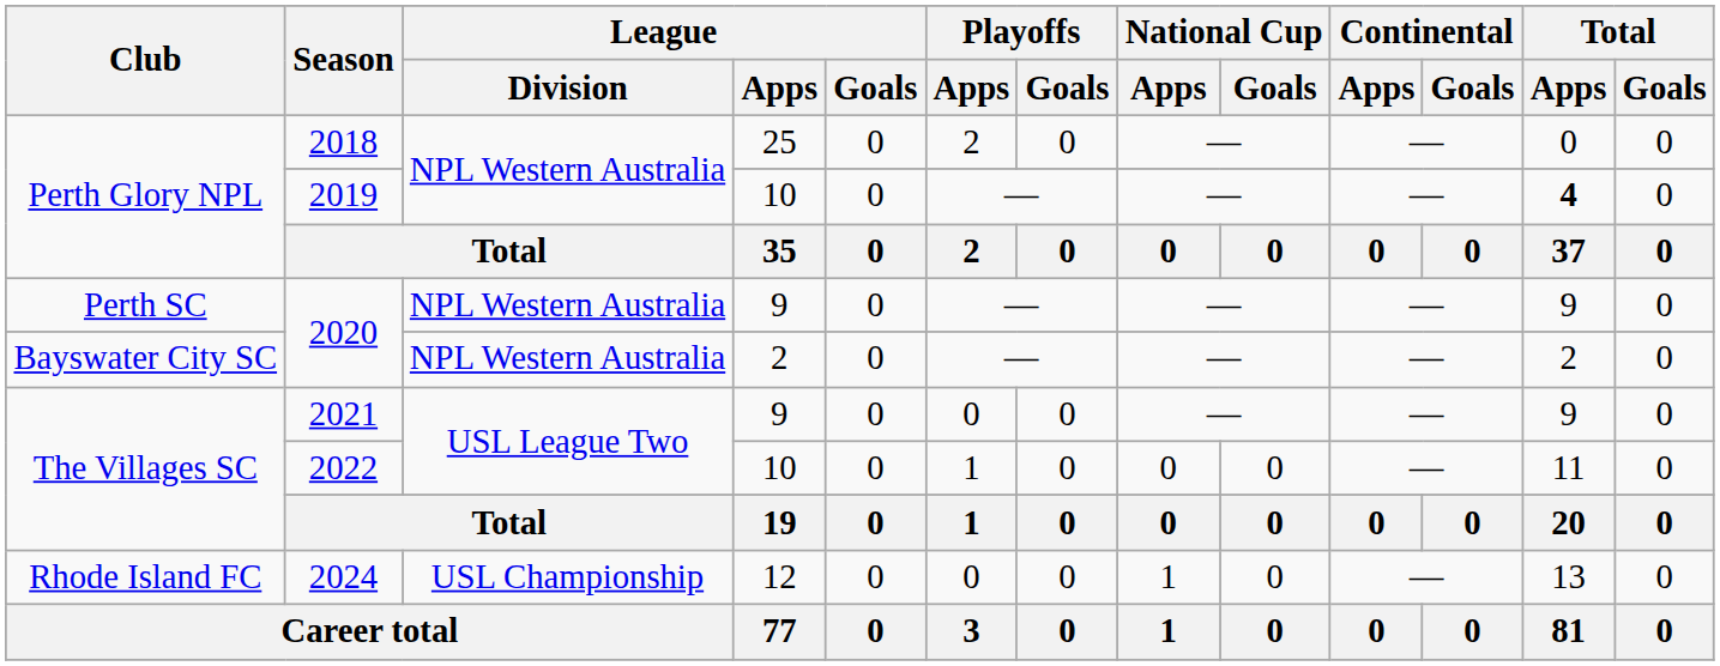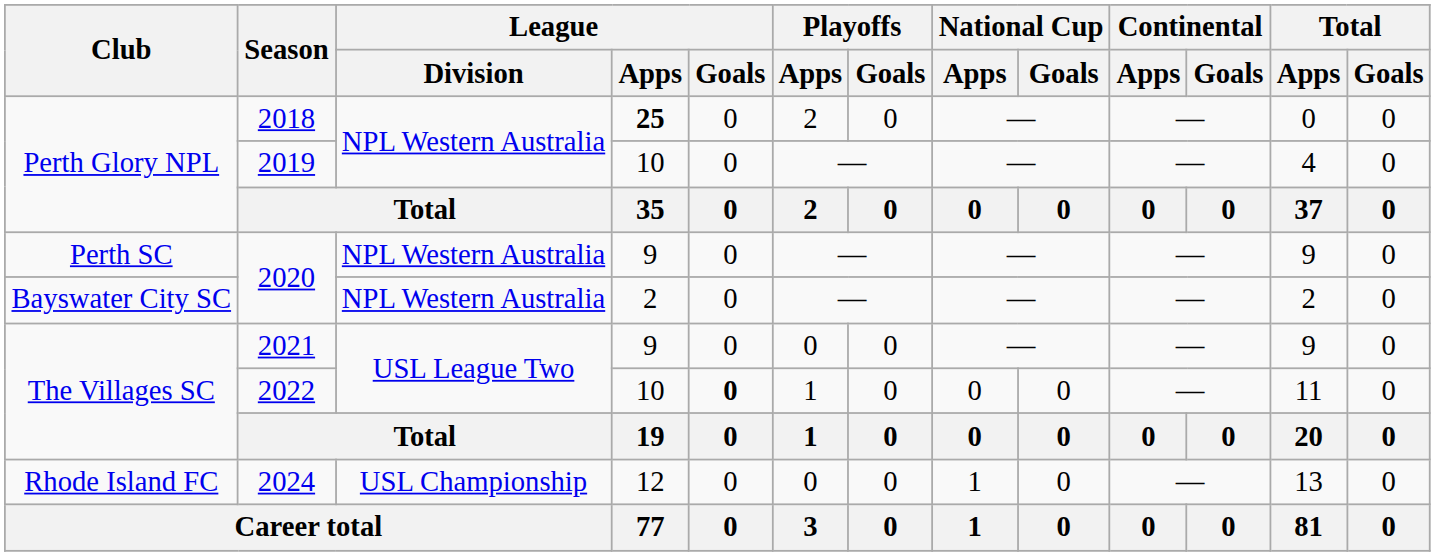 <table class="wikitable" style="text-align: center">
 <tr>
 <th rowspan="2">Club</th>
 <th rowspan="2">Season</th>
 <th colspan="3">League</th>
 <th colspan="2">Playoffs</th>
 <th colspan="2">National Cup</th>
 <th colspan="2">Continental</th>
 <th colspan="2">Total</th>
 </tr>
 <tr>
 <th>Division</th>
 <th>Apps</th>
 <th>Goals</th>
 <th>Apps</th>
 <th>Goals</th>
 <th>Apps</th>
 <th>Goals</th>
 <th>Apps</th>
 <th>Goals</th>
 <th>Apps</th>
 <th>Goals</th>
 </tr>
 <tr>
 <td rowspan=3><a href='#'>Perth Glory NPL</a></td>
 <td><a href='#'>2018</a></td>
 <td rowspan=2><a href='#'>NPL Western Australia</a></td>
-<td>25</td>
+<td><strong>25</strong></td>
 <td>0</td>
 <td>2</td>
 <td>0</td>
 <td colspan="2">—</td>
 <td colspan="2">—</td>
 <td>0</td>
 <td>0</td>
 </tr>
 <tr>
 <td><a href='#'>2019</a></td>
 <td>10</td>
 <td>0</td>
 <td colspan="2">—</td>
 <td colspan="2">—</td>
 <td colspan="2">—</td>
-<td><strong>4</strong></td>
+<td>4</td>
 <td>0</td>
 </tr>
 <tr>
 <th colspan="2">Total</th>
 <th>35</th>
 <th>0</th>
 <th>2</th>
 <th>0</th>
 <th>0</th>
 <th>0</th>
 <th>0</th>
 <th>0</th>
 <th>37</th>
 <th>0</th>
 </tr>
 <tr>
 <td><a href='#'>Perth SC</a></td>
 <td rowspan=2><a href='#'>2020</a></td>
 <td><a href='#'>NPL Western Australia</a></td>
 <td>9</td>
 <td>0</td>
 <td colspan="2">—</td>
 <td colspan="2">—</td>
 <td colspan="2">—</td>
 <td>9</td>
 <td>0</td>
 </tr>
 <tr>
 <td><a href='#'>Bayswater City SC</a></td>
 <td><a href='#'>NPL Western Australia</a></td>
 <td>2</td>
 <td>0</td>
 <td colspan="2">—</td>
 <td colspan="2">—</td>
 <td colspan="2">—</td>
 <td>2</td>
 <td>0</td>
 </tr>
 <tr>
 <td rowspan=3><a href='#'>The Villages SC</a></td>
 <td><a href='#'>2021</a></td>
 <td rowspan=2><a href='#'>USL League Two</a></td>
 <td>9</td>
 <td>0</td>
 <td>0</td>
 <td>0</td>
 <td colspan="2">—</td>
 <td colspan="2">—</td>
 <td>9</td>
 <td>0</td>
 </tr>
 <tr>
 <td><a href='#'>2022</a></td>
 <td>10</td>
-<td>0</td>
+<td><strong>0</strong></td>
 <td>1</td>
 <td>0</td>
 <td>0</td>
 <td>0</td>
 <td colspan="2">—</td>
 <td>11</td>
 <td>0</td>
 </tr>
 <tr>
 <th colspan="2">Total</th>
 <th>19</th>
 <th>0</th>
 <th>1</th>
 <th>0</th>
 <th>0</th>
 <th>0</th>
 <th>0</th>
 <th>0</th>
 <th>20</th>
 <th>0</th>
 </tr>
 <tr>
 <td><a href='#'>Rhode Island FC</a></td>
 <td><a href='#'>2024</a></td>
 <td><a href='#'>USL Championship</a></td>
 <td>12</td>
 <td>0</td>
 <td>0</td>
 <td>0</td>
 <td>1</td>
 <td>0</td>
 <td colspan="2">—</td>
 <td>13</td>
 <td>0</td>
 </tr>
 <tr>
 <th colspan="3">Career total</th>
 <th>77</th>
 <th>0</th>
 <th>3</th>
 <th>0</th>
 <th>1</th>
 <th>0</th>
 <th>0</th>
 <th>0</th>
 <th>81</th>
 <th>0</th>
 </tr>
 </table>
